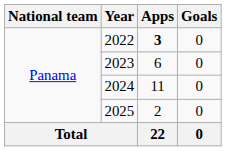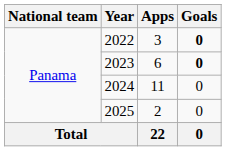 <table class="wikitable" style="text-align:center">
 <tr>
 <th>National team</th>
 <th>Year</th>
 <th>Apps</th>
 <th>Goals</th>
 </tr>
 <tr>
 <td rowspan="4"><a href='#'>Panama</a></td>
 <td>2022</td>
-<td><strong>3</strong></td>
-<td>0</td>
+<td>3</td>
+<td><strong>0</strong></td>
 </tr>
 <tr>
 <td>2023</td>
 <td>6</td>
-<td>0</td>
+<td><strong>0</strong></td>
 </tr>
 <tr>
 <td>2024</td>
 <td>11</td>
 <td>0</td>
 </tr>
 <tr>
 <td>2025</td>
 <td>2</td>
 <td>0</td>
 </tr>
 <tr>
 <th colspan="2">Total</th>
 <th>22</th>
 <th>0</th>
 </tr>
 </table>
